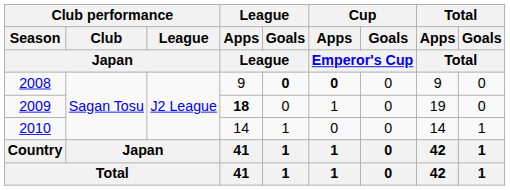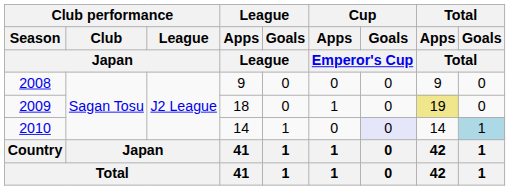 <table class="wikitable" style="text-align:center;">
 <tr>
 <th colspan=3>Club performance</th>
 <th colspan=2>League</th>
 <th colspan=2>Cup</th>
 <th colspan=2>Total</th>
 </tr>
 <tr>
 <th>Season</th>
 <th>Club</th>
 <th>League</th>
 <th>Apps</th>
 <th>Goals</th>
 <th>Apps</th>
 <th>Goals</th>
 <th>Apps</th>
 <th>Goals</th>
 </tr>
 <tr>
 <th colspan=3>Japan</th>
 <th colspan=2>League</th>
 <th colspan=2><a href='#'>Emperor's Cup</a></th>
 <th colspan=2>Total</th>
 </tr>
 <tr>
 <td><a href='#'>2008</a></td>
 <td rowspan="3"><a href='#'>Sagan Tosu</a></td>
 <td rowspan="3"><a href='#'>J2 League</a></td>
 <td>9</td>
-<td><strong>0</strong></td>
-<td><strong>0</strong></td>
+<td>0</td>
+<td>0</td>
 <td>0</td>
 <td>9</td>
 <td>0</td>
 </tr>
 <tr>
 <td><a href='#'>2009</a></td>
-<td><strong>18</strong></td>
+<td>18</td>
 <td>0</td>
 <td>1</td>
 <td>0</td>
-<td>19</td>
+<td style="background: khaki;">19</td>
 <td>0</td>
 </tr>
 <tr>
 <td><a href='#'>2010</a></td>
 <td>14</td>
 <td>1</td>
 <td>0</td>
-<td>0</td>
+<td style="background: lavender;">0</td>
 <td>14</td>
-<td>1</td>
+<td style="background: lightblue;">1</td>
 </tr>
 <tr>
 <th rowspan=1>Country</th>
 <th colspan=2>Japan</th>
 <th>41</th>
 <th>1</th>
 <th>1</th>
 <th>0</th>
 <th>42</th>
 <th>1</th>
 </tr>
 <tr>
 <th colspan=3>Total</th>
 <th>41</th>
 <th>1</th>
 <th>1</th>
 <th>0</th>
 <th>42</th>
 <th>1</th>
 </tr>
 </table>
